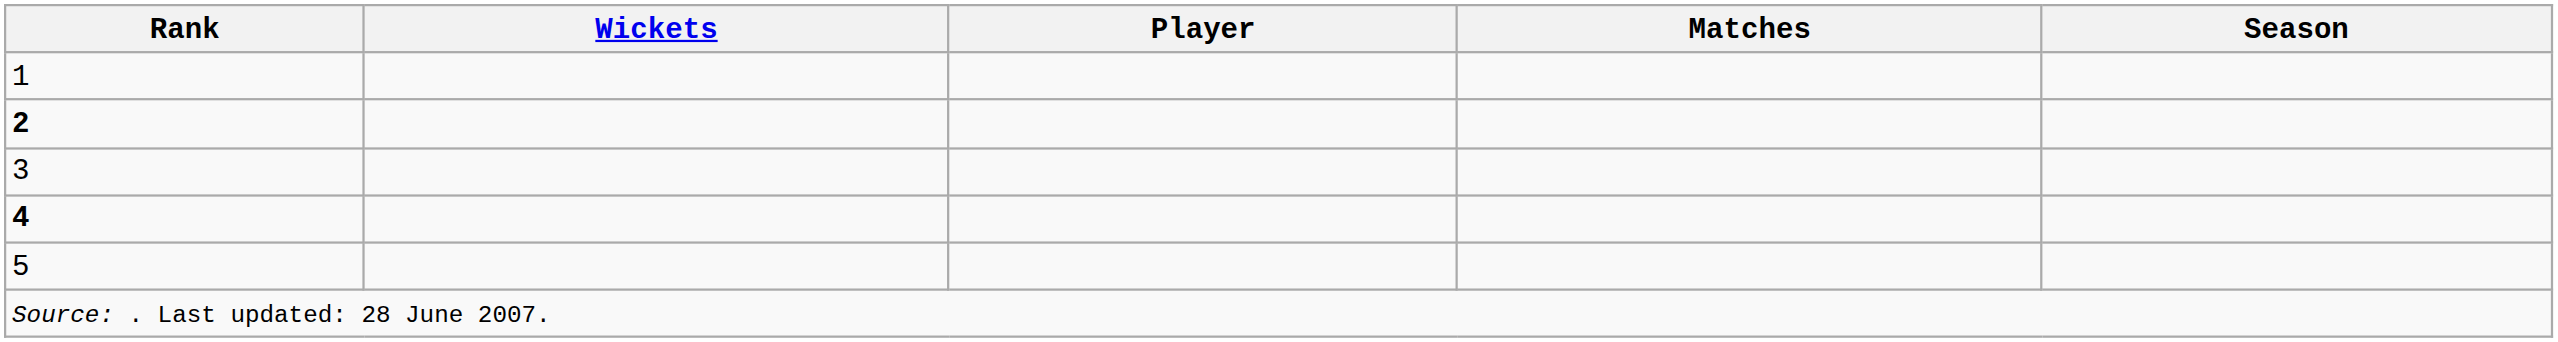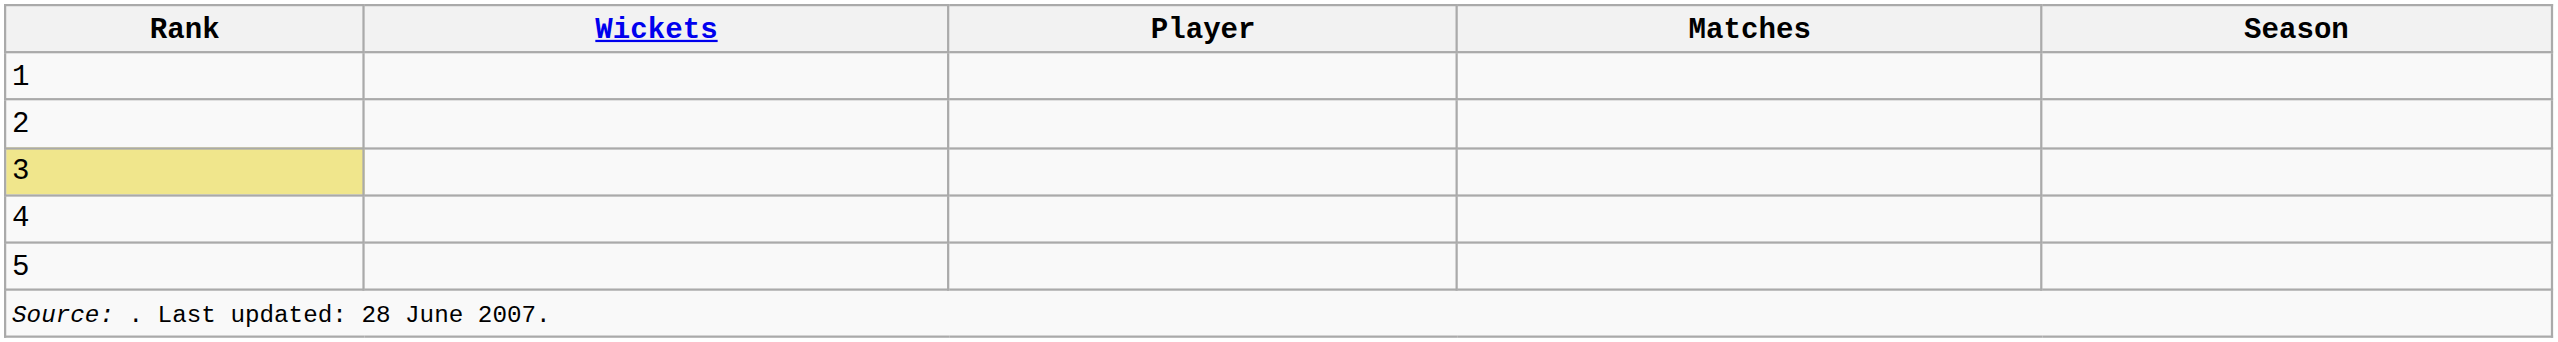 <table class="wikitable" width=90%>
 <tr>
 <th>Rank</th>
 <th><a href='#'>Wickets</a></th>
 <th>Player</th>
 <th>Matches</th>
 <th>Season</th>
 </tr>
 <tr>
 <td>1</td>
 <td></td>
 <td></td>
 <td></td>
 <td></td>
 </tr>
 <tr>
-<td><strong>2</strong></td>
+<td>2</td>
 <td></td>
 <td></td>
 <td></td>
 <td></td>
 </tr>
 <tr>
-<td>3</td>
+<td style="background: khaki;">3</td>
 <td></td>
 <td></td>
 <td></td>
 <td></td>
 </tr>
 <tr>
-<td><strong>4</strong></td>
+<td>4</td>
 <td></td>
 <td></td>
 <td></td>
 <td></td>
 </tr>
 <tr>
 <td>5</td>
 <td></td>
 <td></td>
 <td></td>
 <td></td>
 </tr>
 <tr>
 <td colspan=5><small><em>Source: </em>. Last updated: 28 June 2007.</small></td>
 </tr>
 </table>
